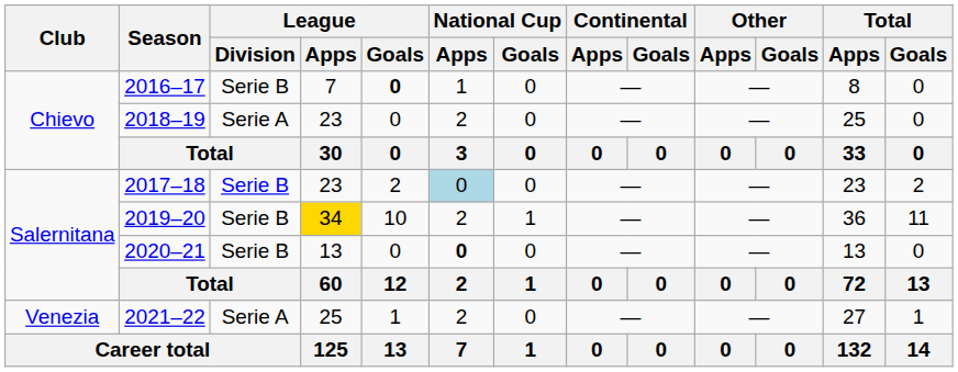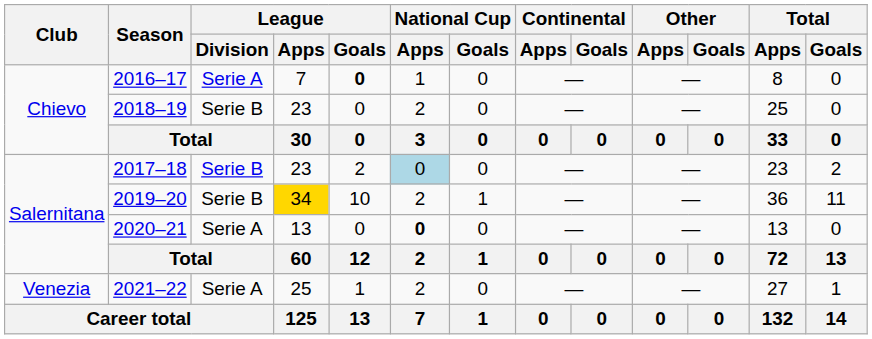 <table class="wikitable" style="text-align:center">
 <tr>
 <th rowspan="2">Club</th>
 <th rowspan="2">Season</th>
 <th colspan="3">League</th>
 <th colspan="2">National Cup</th>
 <th colspan="2">Continental</th>
 <th colspan="2">Other</th>
 <th colspan="2">Total</th>
 </tr>
 <tr>
 <th>Division</th>
 <th>Apps</th>
 <th>Goals</th>
 <th>Apps</th>
 <th>Goals</th>
 <th>Apps</th>
 <th>Goals</th>
 <th>Apps</th>
 <th>Goals</th>
 <th>Apps</th>
 <th>Goals</th>
 </tr>
 <tr>
 <td rowspan="3"><a href='#'>Chievo</a></td>
 <td><a href='#'>2016–17</a></td>
-<td>Serie B</td>
+<td><a href='#'>Serie A</a></td>
 <td>7</td>
 <td><strong>0</strong></td>
 <td>1</td>
 <td>0</td>
 <td colspan="2“">—</td>
 <td colspan="2“">—</td>
 <td>8</td>
 <td>0</td>
 </tr>
 <tr>
 <td><a href='#'>2018–19</a></td>
-<td>Serie A</td>
+<td>Serie B</td>
 <td>23</td>
 <td>0</td>
 <td>2</td>
 <td>0</td>
 <td colspan="2“">—</td>
 <td colspan="2“">—</td>
 <td>25</td>
 <td>0</td>
 </tr>
 <tr>
 <th colspan="2">Total</th>
 <th>30</th>
 <th>0</th>
 <th>3</th>
 <th>0</th>
 <th>0</th>
 <th>0</th>
 <th>0</th>
 <th>0</th>
 <th>33</th>
 <th>0</th>
 </tr>
 <tr>
 <td rowspan="4"><a href='#'>Salernitana</a></td>
 <td><a href='#'>2017–18</a></td>
 <td><a href='#'>Serie B</a></td>
 <td>23</td>
 <td>2</td>
 <td style="background: lightblue;">0</td>
 <td>0</td>
 <td colspan="2“">—</td>
 <td colspan="2“">—</td>
 <td>23</td>
 <td>2</td>
 </tr>
 <tr>
 <td><a href='#'>2019–20</a></td>
 <td>Serie B</td>
 <td style="background: gold;">34</td>
 <td>10</td>
 <td>2</td>
 <td>1</td>
 <td colspan="2“">—</td>
 <td colspan="2“">—</td>
 <td>36</td>
 <td>11</td>
 </tr>
 <tr>
 <td><a href='#'>2020–21</a></td>
-<td>Serie B</td>
+<td>Serie A</td>
 <td>13</td>
 <td>0</td>
 <td><strong>0</strong></td>
 <td>0</td>
 <td colspan="2“">—</td>
 <td colspan="2“">—</td>
 <td>13</td>
 <td>0</td>
 </tr>
 <tr>
 <th colspan="2">Total</th>
 <th>60</th>
 <th>12</th>
 <th>2</th>
 <th>1</th>
 <th>0</th>
 <th>0</th>
 <th>0</th>
 <th>0</th>
 <th>72</th>
 <th>13</th>
 </tr>
 <tr>
 <td><a href='#'>Venezia</a></td>
 <td><a href='#'>2021–22</a></td>
 <td>Serie A</td>
 <td>25</td>
 <td>1</td>
 <td>2</td>
 <td>0</td>
 <td colspan="2“">—</td>
 <td colspan="2“">—</td>
 <td>27</td>
 <td>1</td>
 </tr>
 <tr>
 <th colspan="3">Career total</th>
 <th>125</th>
 <th>13</th>
 <th>7</th>
 <th>1</th>
 <th>0</th>
 <th>0</th>
 <th>0</th>
 <th>0</th>
 <th>132</th>
 <th>14</th>
 </tr>
 </table>
